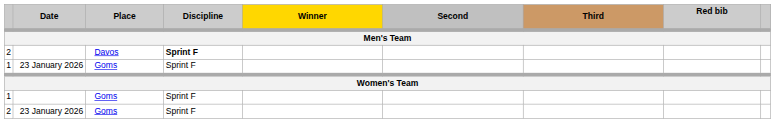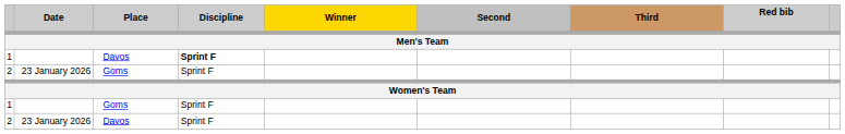 <table class="wikitable plainrowheaders" style="background:#fff; font-size:86%; line-height:16px; border:grey solid 1px; border-collapse:collapse;">
 <tr style="background:#ccc; text-align:center;">
 <th scope="col" style="background:#ccc; width=10 px;"></th>
 <th scope="col" style="background:#ccc; width:110px;">Date</th>
 <th scope="col" style="background:#ccc; width:120px;">Place</th>
 <th scope="col" style="background:#ccc; width:120px;">Discipline</th>
 <th scope="col" style="background:gold; width:220px;">Winner</th>
 <th scope="col" style="background:silver; width:220px;">Second</th>
 <th scope="col" style="background:#c96; width:220px;">Third</th>
 <th scope="col" style="background:#ccc; width:150px;">Red bib<br><br></th>
 <th scope="col" style="background:#ccc; width:10px;"></th>
 </tr>
 <tr style="background:#EEEEEE;">
 <th scope="col" colspan=9 width=40px style="border-top-width:6px"><strong>Men's Team</strong></th>
 </tr>
 <tr>
-<td align=center>2</td>
+<td align=center>1</td>
 <td align=right></td>
 <td>   <a href='#'>Davos</a></td>
 <td><strong>Sprint F</strong></td>
 <td></td>
 <td></td>
 <td></td>
 <td></td>
 <td></td>
 </tr>
 <tr>
-<td align=center>1</td>
+<td align=center>2</td>
 <td align=right>23 January 2026</td>
 <td>   <a href='#'>Goms</a></td>
 <td>Sprint F</td>
 <td></td>
 <td></td>
 <td></td>
 <td></td>
 <td></td>
 </tr>
 <tr style="background:#EEEEEE;">
 <th scope="col" colspan=9 width=40px style="border-top-width:6px"><strong>Women's Team</strong></th>
 </tr>
 <tr>
 <td align=center>1</td>
 <td align=right></td>
 <td>   <a href='#'>Goms</a></td>
 <td>Sprint F</td>
 <td></td>
 <td></td>
 <td></td>
 <td></td>
 <td></td>
 </tr>
 <tr>
 <td align=center>2</td>
 <td align=right>23 January 2026</td>
-<td>   <a href='#'>Goms</a></td>
+<td>   <a href='#'>Davos</a></td>
 <td>Sprint F</td>
 <td></td>
 <td></td>
 <td></td>
 <td></td>
 <td></td>
 </tr>
 </table>
